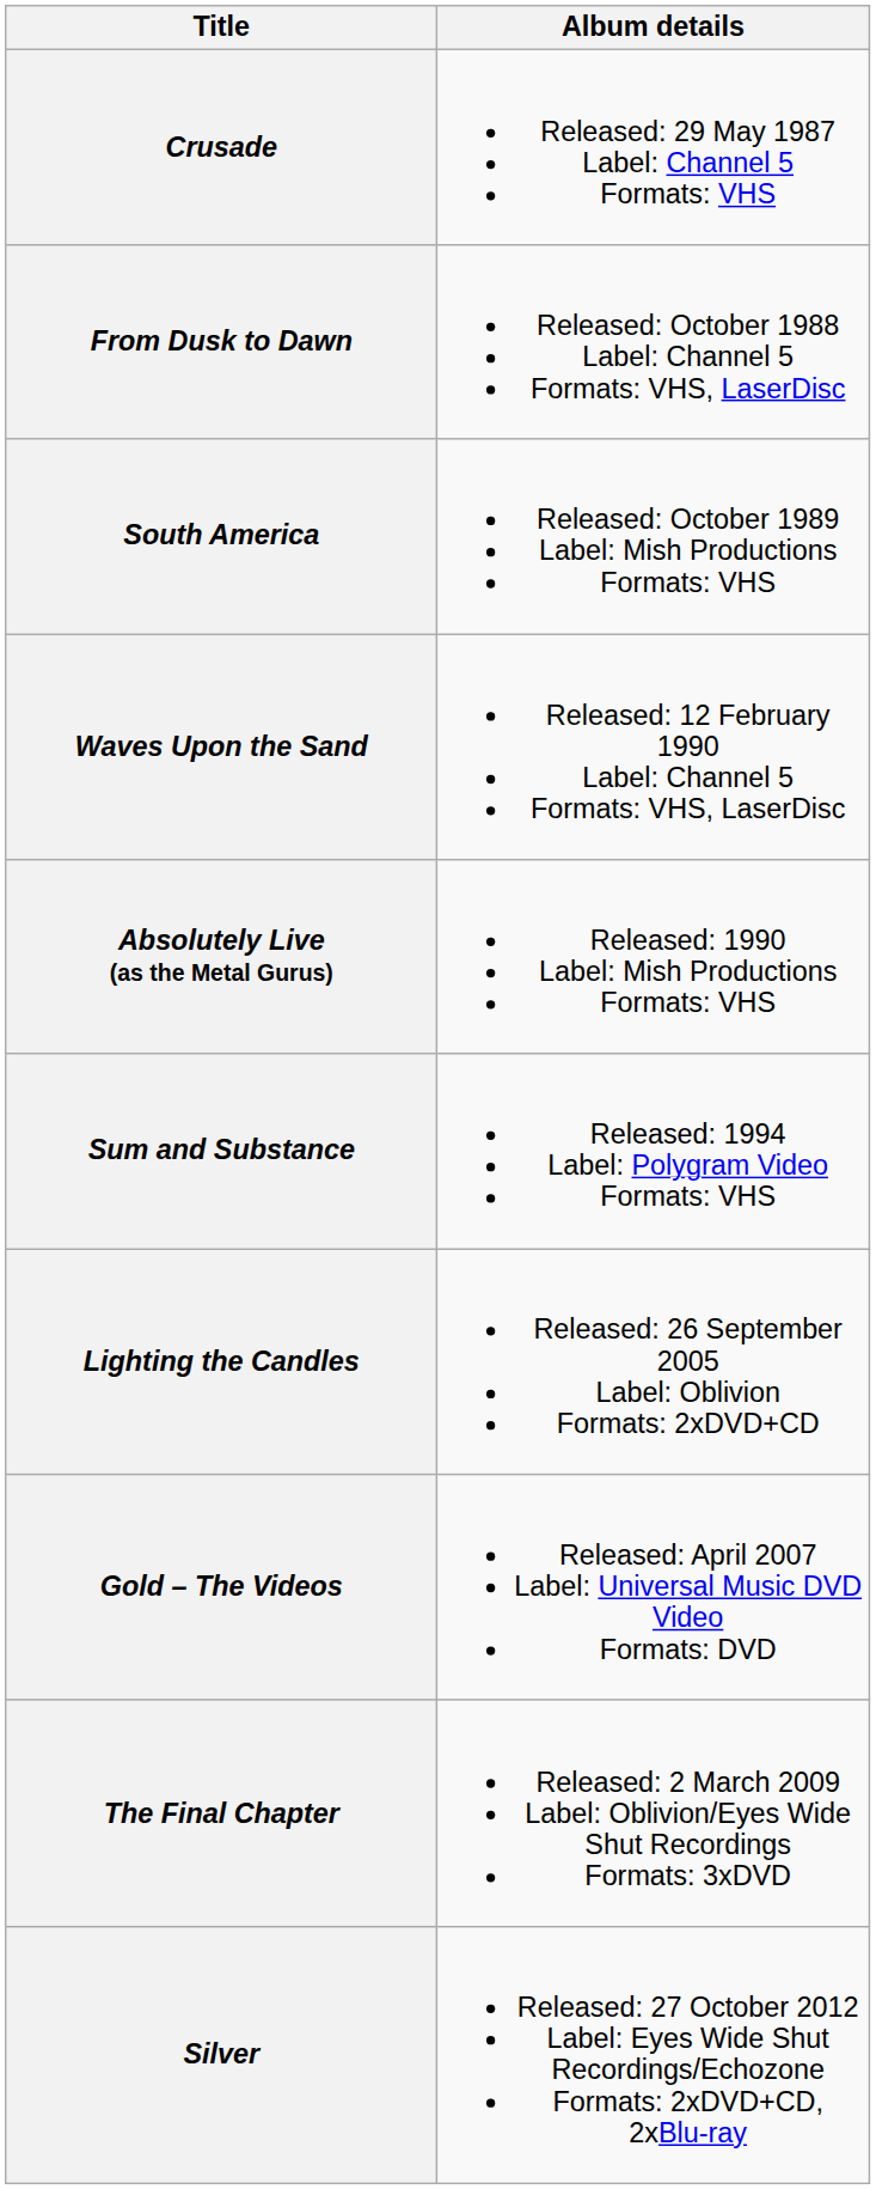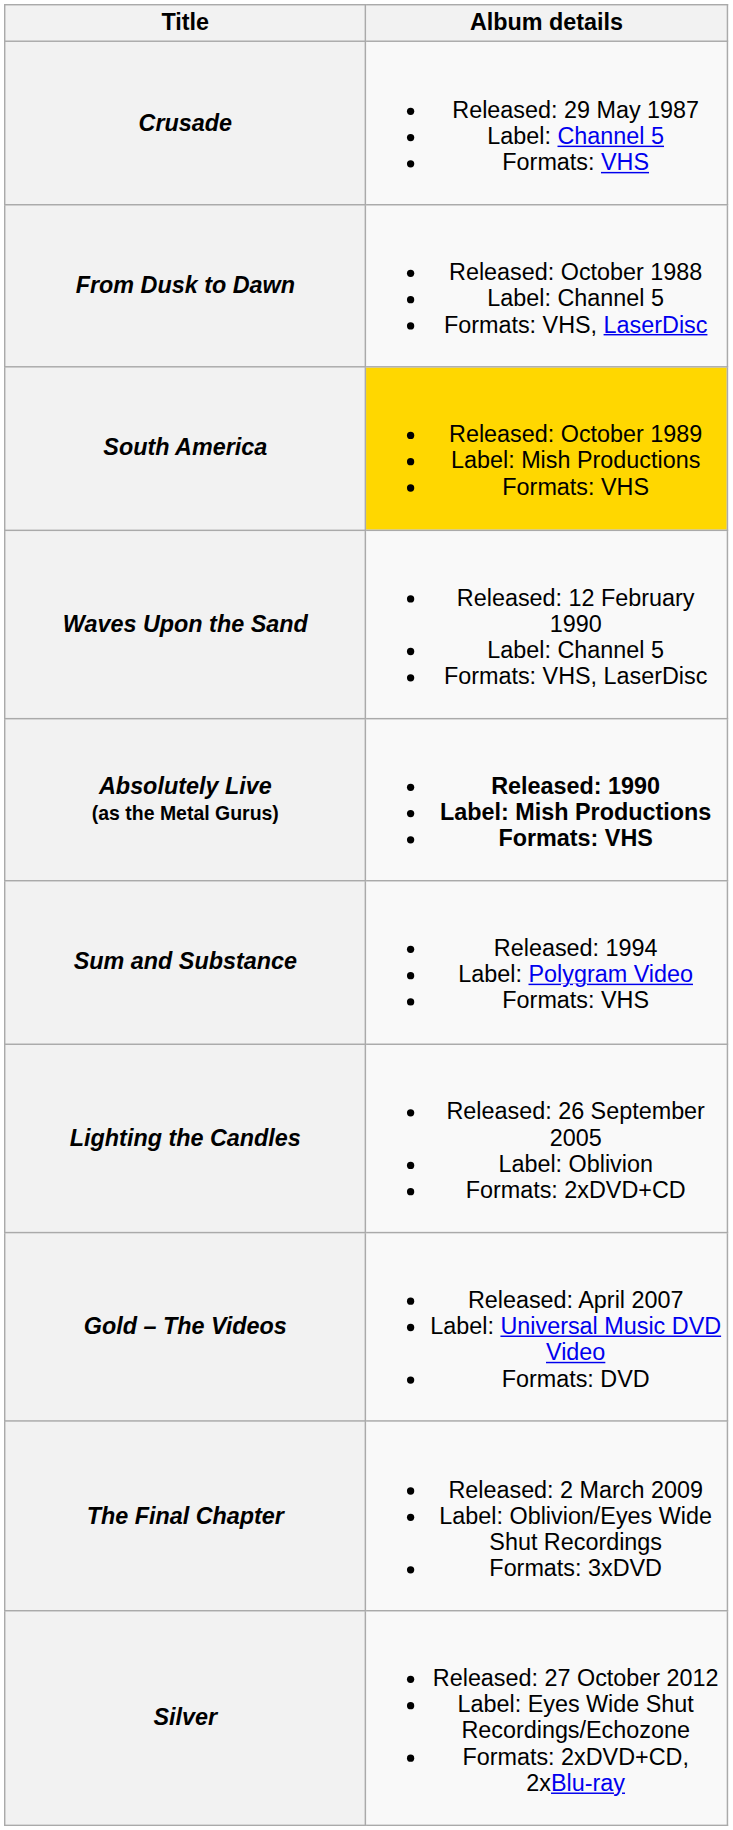 <table class="wikitable plainrowheaders" style="text-align:center;">
 <tr>
 <th scope="col" style="width:15em;">Title</th>
 <th scope="col" style="width:15em;">Album details</th>
 </tr>
 <tr>
 <th scope="row"><em>Crusade</em></th>
 <td><br><ul><li>Released: 29 May 1987</li><li>Label: <a href='#'>Channel 5</a></li><li>Formats: <a href='#'>VHS</a></li></ul></td>
 </tr>
 <tr>
 <th scope="row"><em>From Dusk to Dawn</em></th>
 <td><br><ul><li>Released: October 1988</li><li>Label: Channel 5</li><li>Formats: VHS, <a href='#'>LaserDisc</a></li></ul></td>
 </tr>
 <tr>
 <th scope="row"><em>South America</em></th>
-<td><br><ul><li>Released: October 1989</li><li>Label: Mish Productions</li><li>Formats: VHS</li></ul></td>
+<td style="background: gold;"><br><ul><li>Released: October 1989</li><li>Label: Mish Productions</li><li>Formats: VHS</li></ul></td>
 </tr>
 <tr>
 <th scope="row"><em>Waves Upon the Sand</em></th>
 <td><br><ul><li>Released: 12 February 1990</li><li>Label: Channel 5</li><li>Formats: VHS, LaserDisc</li></ul></td>
 </tr>
 <tr>
 <th scope="row"><em>Absolutely Live</em><br><small>(as the Metal Gurus)</small></th>
-<td><br><ul><li>Released: 1990</li><li>Label: Mish Productions</li><li>Formats: VHS</li></ul></td>
+<td><strong><br><ul><li>Released: 1990</li><li>Label: Mish Productions</li><li>Formats: VHS</li></ul></strong></td>
 </tr>
 <tr>
 <th scope="row"><em>Sum and Substance</em></th>
 <td><br><ul><li>Released: 1994</li><li>Label: <a href='#'>Polygram Video</a></li><li>Formats: VHS</li></ul></td>
 </tr>
 <tr>
 <th scope="row"><em>Lighting the Candles</em></th>
 <td><br><ul><li>Released: 26 September 2005</li><li>Label: Oblivion</li><li>Formats: 2xDVD+CD</li></ul></td>
 </tr>
 <tr>
 <th scope="row"><em>Gold – The Videos</em></th>
 <td><br><ul><li>Released: April 2007</li><li>Label: <a href='#'>Universal Music DVD Video</a></li><li>Formats: DVD</li></ul></td>
 </tr>
 <tr>
 <th scope="row"><em>The Final Chapter</em></th>
 <td><br><ul><li>Released: 2 March 2009</li><li>Label: Oblivion/Eyes Wide Shut Recordings</li><li>Formats: 3xDVD</li></ul></td>
 </tr>
 <tr>
 <th scope="row"><em>Silver</em></th>
 <td><br><ul><li>Released: 27 October 2012</li><li>Label: Eyes Wide Shut Recordings/Echozone</li><li>Formats: 2xDVD+CD, 2x<a href='#'>Blu-ray</a></li></ul></td>
 </tr>
 </table>
